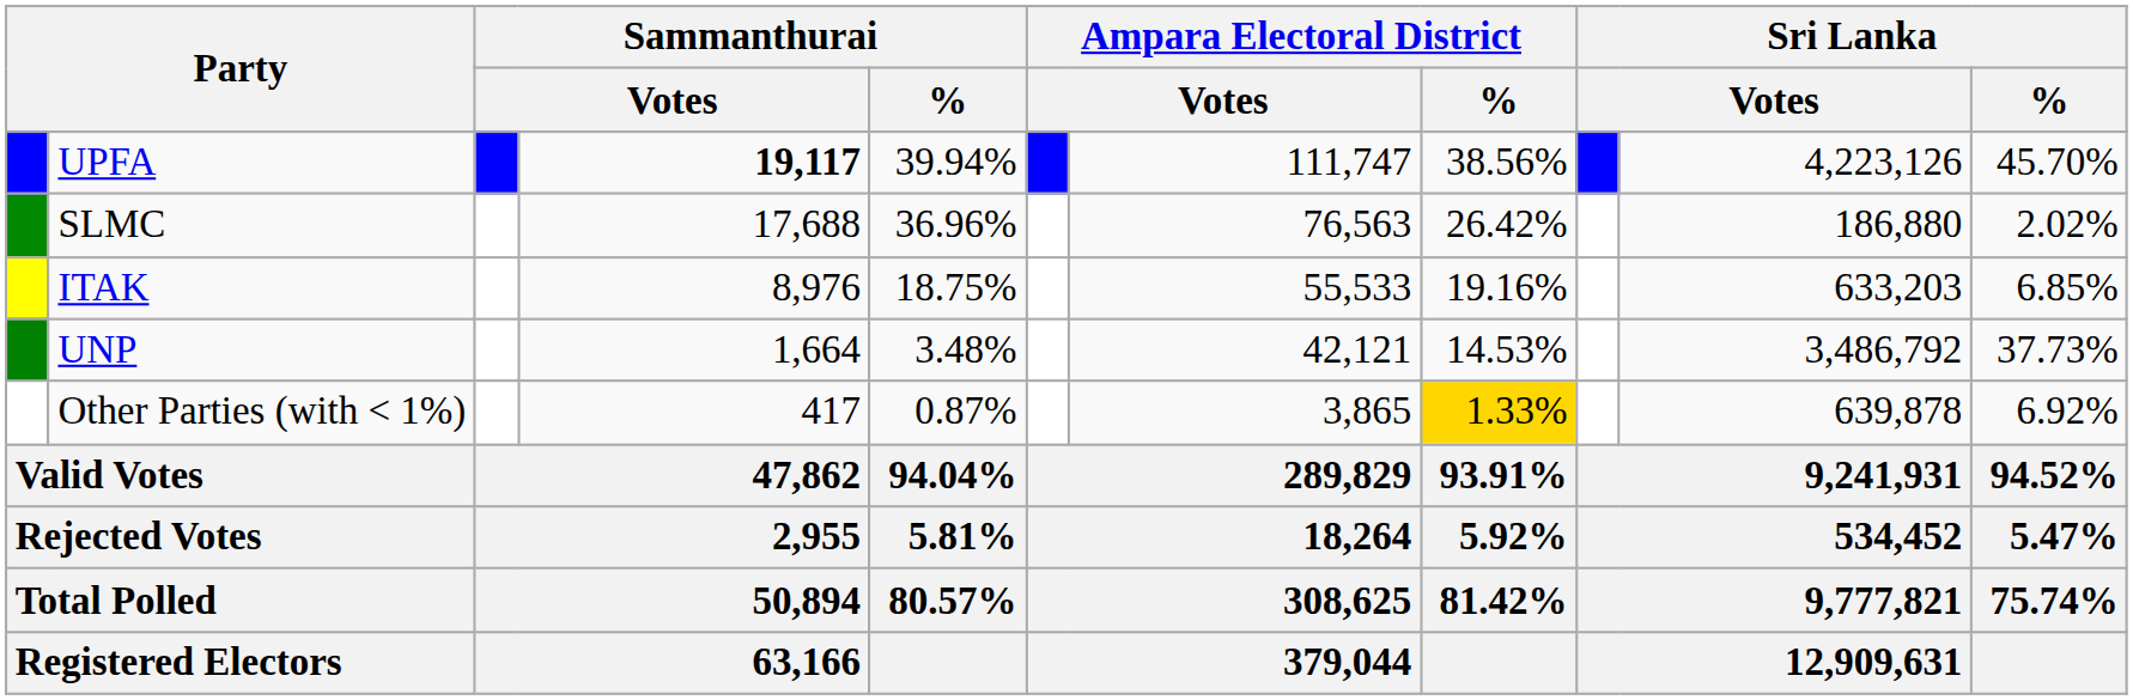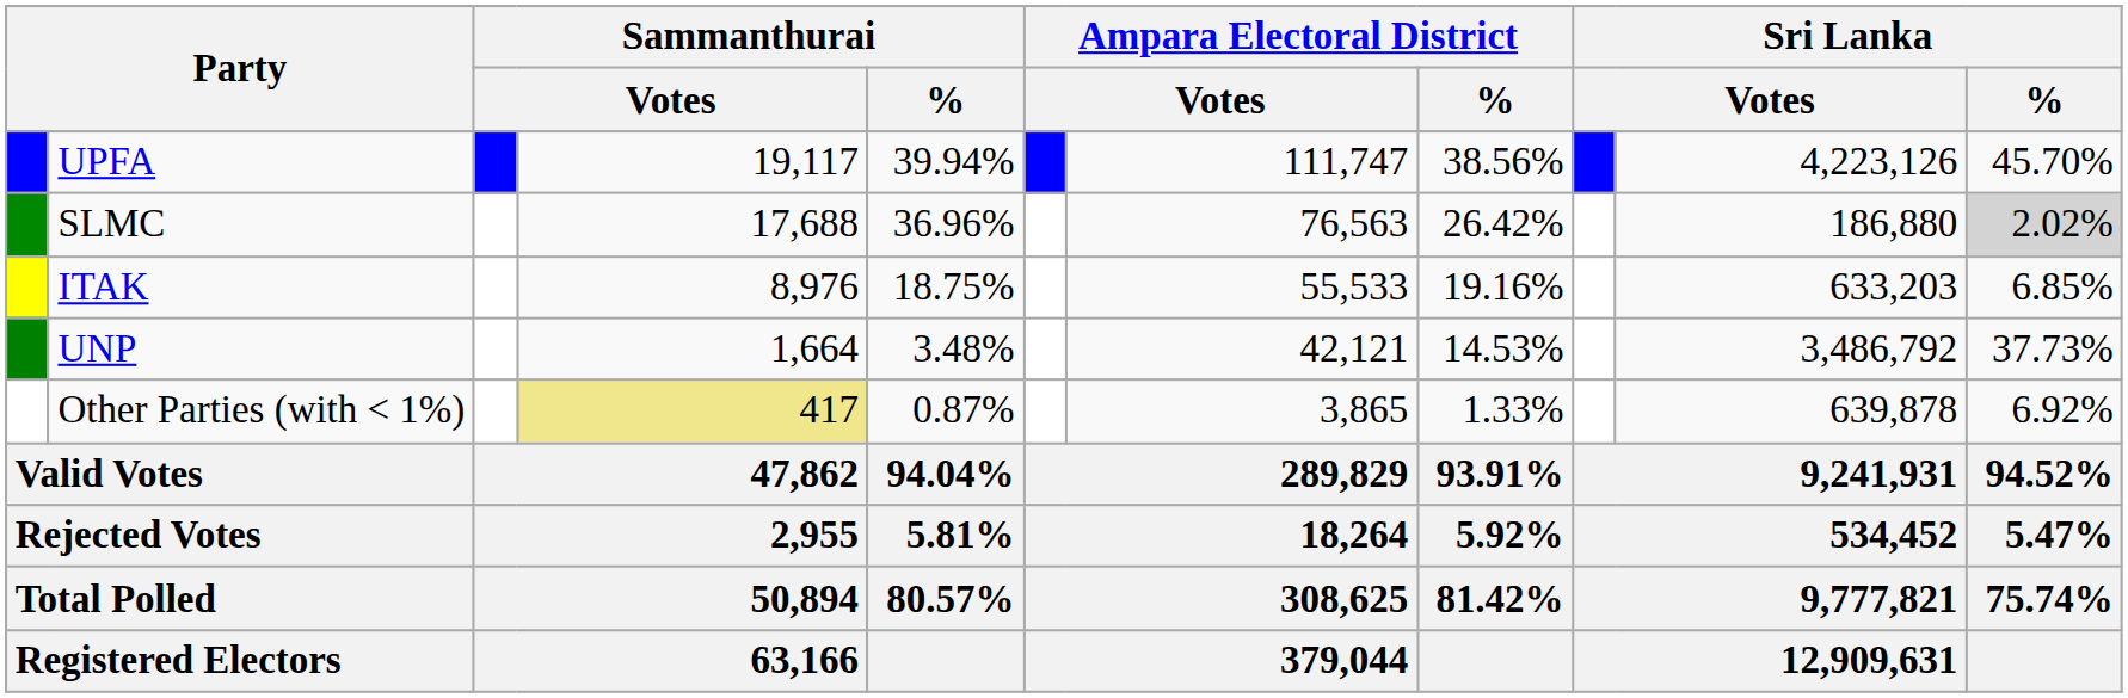 <table class="wikitable">
 <tr>
 <th colspan="2" width="144px"rowspan="2">Party</th>
 <th colspan="3" width="216px">Sammanthurai</th>
 <th colspan="3" width="216px"><a href='#'>Ampara Electoral District</a></th>
 <th colspan="3" width="216px">Sri Lanka</th>
 </tr>
 <tr>
 <th colspan="2" width="144px">Votes</th>
 <th>%</th>
 <th colspan="2" width="144px">Votes</th>
 <th>%</th>
 <th colspan="2" width="144px">Votes</th>
 <th>%</th>
 </tr>
 <tr>
 <td style="background-color:blue;" width="10px"></td>
 <td style="text-align:left;"><a href='#'>UPFA</a></td>
 <td style="background-color:blue;" width="10px"></td>
-<td style="text-align:right;"><strong>19,117</strong></td>
+<td style="text-align:right;">19,117</td>
 <td style="text-align:right;">39.94%</td>
 <td style="background-color:blue;" width="10px"></td>
 <td style="text-align:right;">111,747</td>
 <td style="text-align:right;">38.56%</td>
 <td style="background-color:blue;" width="10px"></td>
 <td style="text-align:right;">4,223,126</td>
 <td style="text-align:right;">45.70%</td>
 </tr>
 <tr>
 <td style="background-color:#008800;" width="10px"></td>
 <td style="text-align:left;">SLMC</td>
 <td style="background-color:white;" width="10px"></td>
 <td style="text-align:right;">17,688</td>
 <td style="text-align:right;">36.96%</td>
 <td style="background-color:white;" width="10px"></td>
 <td style="text-align:right;">76,563</td>
 <td style="text-align:right;">26.42%</td>
 <td style="background-color:white;" width="10px"></td>
 <td style="text-align:right;">186,880</td>
-<td style="text-align:right;">2.02%</td>
+<td style="background: lightgrey; text-align:right;">2.02%</td>
 </tr>
 <tr>
 <td style="background-color:yellow;" width="10px"></td>
 <td style="text-align:left;"><a href='#'>ITAK</a></td>
 <td style="background-color:white;" width="10px"></td>
 <td style="text-align:right;">8,976</td>
 <td style="text-align:right;">18.75%</td>
 <td style="background-color:white;" width="10px"></td>
 <td style="text-align:right;">55,533</td>
 <td style="text-align:right;">19.16%</td>
 <td style="background-color:white;" width="10px"></td>
 <td style="text-align:right;">633,203</td>
 <td style="text-align:right;">6.85%</td>
 </tr>
 <tr>
 <td style="background-color:green;" width="10px"></td>
 <td style="text-align:left;"><a href='#'>UNP</a></td>
 <td style="background-color:white;" width="10px"></td>
 <td style="text-align:right;">1,664</td>
 <td style="text-align:right;">3.48%</td>
 <td style="background-color:white;" width="10px"></td>
 <td style="text-align:right;">42,121</td>
 <td style="text-align:right;">14.53%</td>
 <td style="background-color:white;" width="10px"></td>
 <td style="text-align:right;">3,486,792</td>
 <td style="text-align:right;">37.73%</td>
 </tr>
 <tr>
 <td style="background-color:white;" width="10px"></td>
 <td style="text-align:left;">Other Parties (with < 1%)</td>
 <td style="background-color:white;" width="10px"></td>
-<td style="text-align:right;">417</td>
+<td style="background: khaki; text-align:right;">417</td>
 <td style="text-align:right;">0.87%</td>
 <td style="background-color:white;" width="10px"></td>
 <td style="text-align:right;">3,865</td>
-<td style="background: gold; text-align:right;">1.33%</td>
+<td style="text-align:right;">1.33%</td>
 <td style="background-color:white;" width="10px"></td>
 <td style="text-align:right;">639,878</td>
 <td style="text-align:right;">6.92%</td>
 </tr>
 <tr>
 <th colspan="2" width="144px"style="text-align:left;">Valid Votes</th>
 <th style="text-align:right;"colspan="2" width="144px">47,862</th>
 <th style="text-align:right;">94.04%</th>
 <th style="text-align:right;"colspan="2" width="144px">289,829</th>
 <th style="text-align:right;">93.91%</th>
 <th style="text-align:right;"colspan="2" width="144px">9,241,931</th>
 <th style="text-align:right;">94.52%</th>
 </tr>
 <tr>
 <th colspan="2" width="144px"style="text-align:left;">Rejected Votes</th>
 <th style="text-align:right;"colspan="2" width="144px">2,955</th>
 <th style="text-align:right;">5.81%</th>
 <th style="text-align:right;"colspan="2" width="144px">18,264</th>
 <th style="text-align:right;">5.92%</th>
 <th style="text-align:right;"colspan="2" width="144px">534,452</th>
 <th style="text-align:right;">5.47%</th>
 </tr>
 <tr>
 <th colspan="2" width="144px"style="text-align:left;">Total Polled</th>
 <th style="text-align:right;"colspan="2" width="144px">50,894</th>
 <th style="text-align:right;">80.57%</th>
 <th style="text-align:right;"colspan="2" width="144px">308,625</th>
 <th style="text-align:right;">81.42%</th>
 <th style="text-align:right;"colspan="2" width="144px">9,777,821</th>
 <th style="text-align:right;">75.74%</th>
 </tr>
 <tr>
 <th colspan="2" width="144px"style="text-align:left;">Registered Electors</th>
 <th style="text-align:right;"colspan="2" width="144px">63,166</th>
 <th></th>
 <th style="text-align:right;"colspan="2" width="144px">379,044</th>
 <th></th>
 <th style="text-align:right;"colspan="2" width="144px">12,909,631</th>
 <th></th>
 </tr>
 </table>
